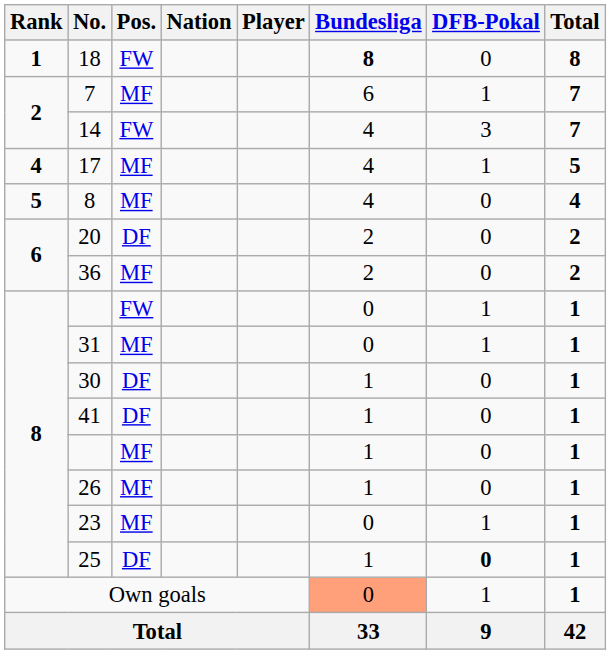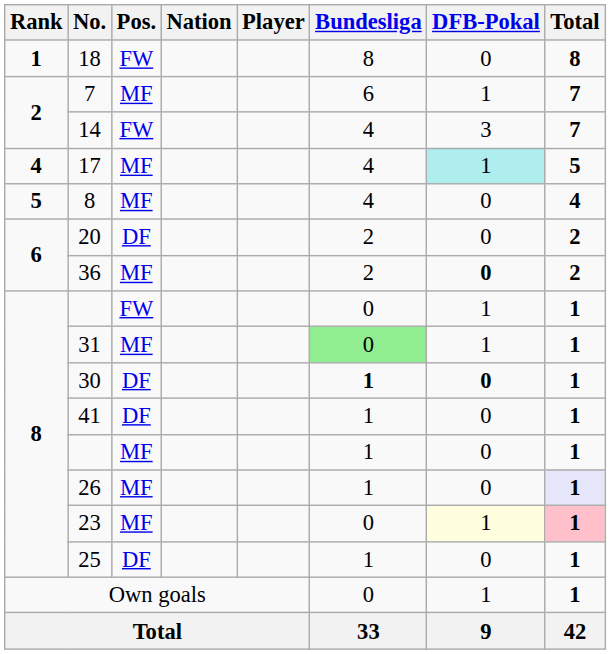 <table class="wikitable sortable" style="text-align: center;">
 <tr>
 <th>Rank</th>
 <th>No.</th>
 <th>Pos.</th>
 <th>Nation</th>
 <th>Player</th>
 <th><a href='#'>Bundesliga</a></th>
 <th><a href='#'>DFB-Pokal</a></th>
 <th>Total</th>
 </tr>
 <tr>
 <td><strong>1</strong></td>
 <td>18</td>
 <td><a href='#'>FW</a></td>
 <td></td>
 <td></td>
-<td><strong>8</strong></td>
+<td>8</td>
 <td>0</td>
 <td><strong>8</strong></td>
 </tr>
 <tr>
 <td rowspan="2"><strong>2</strong></td>
 <td>7</td>
 <td><a href='#'>MF</a></td>
 <td></td>
 <td></td>
 <td>6</td>
 <td>1</td>
 <td><strong>7</strong></td>
 </tr>
 <tr>
 <td>14</td>
 <td><a href='#'>FW</a></td>
 <td></td>
 <td></td>
 <td>4</td>
 <td>3</td>
 <td><strong>7</strong></td>
 </tr>
 <tr>
 <td><strong>4</strong></td>
 <td>17</td>
 <td><a href='#'>MF</a></td>
 <td></td>
 <td></td>
 <td>4</td>
-<td>1</td>
+<td style="background: paleturquoise;">1</td>
 <td><strong>5</strong></td>
 </tr>
 <tr>
 <td><strong>5</strong></td>
 <td>8</td>
 <td><a href='#'>MF</a></td>
 <td></td>
 <td></td>
 <td>4</td>
 <td>0</td>
 <td><strong>4</strong></td>
 </tr>
 <tr>
 <td rowspan="2"><strong>6</strong></td>
 <td>20</td>
 <td><a href='#'>DF</a></td>
 <td></td>
 <td></td>
 <td>2</td>
 <td>0</td>
 <td><strong>2</strong></td>
 </tr>
 <tr>
 <td>36</td>
 <td><a href='#'>MF</a></td>
 <td></td>
 <td></td>
 <td>2</td>
-<td>0</td>
+<td><strong>0</strong></td>
 <td><strong>2</strong></td>
 </tr>
 <tr>
 <td rowspan="8"><strong>8</strong></td>
 <td></td>
 <td><a href='#'>FW</a></td>
 <td></td>
 <td></td>
 <td>0</td>
 <td>1</td>
 <td><strong>1</strong></td>
 </tr>
 <tr>
 <td>31</td>
 <td><a href='#'>MF</a></td>
 <td></td>
 <td></td>
-<td>0</td>
+<td style="background: lightgreen;">0</td>
 <td>1</td>
 <td><strong>1</strong></td>
 </tr>
 <tr>
 <td>30</td>
 <td><a href='#'>DF</a></td>
 <td></td>
 <td></td>
-<td>1</td>
-<td>0</td>
+<td><strong>1</strong></td>
+<td><strong>0</strong></td>
 <td><strong>1</strong></td>
 </tr>
 <tr>
 <td>41</td>
 <td><a href='#'>DF</a></td>
 <td></td>
 <td></td>
 <td>1</td>
 <td>0</td>
 <td><strong>1</strong></td>
 </tr>
 <tr>
 <td></td>
 <td><a href='#'>MF</a></td>
 <td></td>
 <td></td>
 <td>1</td>
 <td>0</td>
 <td><strong>1</strong></td>
 </tr>
 <tr>
 <td>26</td>
 <td><a href='#'>MF</a></td>
 <td></td>
 <td></td>
 <td>1</td>
 <td>0</td>
-<td><strong>1</strong></td>
+<td style="background: lavender;"><strong>1</strong></td>
 </tr>
 <tr>
 <td>23</td>
 <td><a href='#'>MF</a></td>
 <td></td>
 <td></td>
 <td>0</td>
-<td>1</td>
-<td><strong>1</strong></td>
+<td style="background: lightyellow;">1</td>
+<td style="background: pink;"><strong>1</strong></td>
 </tr>
 <tr>
 <td>25</td>
 <td><a href='#'>DF</a></td>
 <td></td>
 <td></td>
 <td>1</td>
-<td><strong>0</strong></td>
+<td>0</td>
 <td><strong>1</strong></td>
 </tr>
 <tr>
 <td colspan="5">Own goals</td>
-<td style="background: lightsalmon;">0</td>
+<td>0</td>
 <td>1</td>
 <td><strong>1</strong></td>
 </tr>
 <tr>
 <th colspan="5">Total</th>
 <th>33</th>
 <th>9</th>
 <th>42</th>
 </tr>
 </table>
